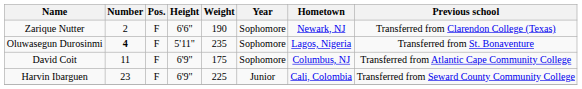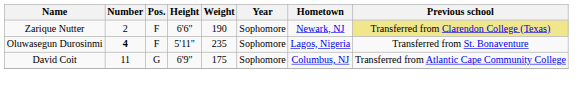 <table class="wikitable sortable" style="text-align: center">
 <tr align=center>
 <th style="background:#">Name</th>
 <th style="background:#">Number</th>
 <th style="background:#">Pos.</th>
 <th style="background:#">Height</th>
 <th style="background:#">Weight</th>
 <th style="background:#">Year</th>
 <th style="background:#">Hometown</th>
 <th style="background:#">Previous school</th>
 </tr>
 <tr>
 <td>Zarique Nutter</td>
 <td>2</td>
 <td>F</td>
 <td>6'6"</td>
 <td>190</td>
 <td>Sophomore</td>
 <td><a href='#'>Newark, NJ</a></td>
-<td>Transferred from <a href='#'>Clarendon College (Texas)</a></td>
+<td style="background: khaki;">Transferred from <a href='#'>Clarendon College (Texas)</a></td>
 </tr>
 <tr>
 <td>Oluwasegun Durosinmi</td>
 <td><strong>4</strong></td>
 <td>F</td>
 <td>5'11"</td>
 <td>235</td>
 <td>Sophomore</td>
 <td><a href='#'>Lagos, Nigeria</a></td>
 <td>Transferred from <a href='#'>St. Bonaventure</a></td>
 </tr>
 <tr>
 <td>David Coit</td>
 <td>11</td>
-<td>F</td>
+<td>G</td>
 <td>6'9"</td>
 <td>175</td>
 <td>Sophomore</td>
 <td><a href='#'>Columbus, NJ</a></td>
 <td>Transferred from <a href='#'>Atlantic Cape Community College</a></td>
 </tr>
 <tr>
-<td>Harvin Ibarguen</td>
-<td>23</td>
-<td>F</td>
-<td>6'9"</td>
-<td>225</td>
-<td>Junior</td>
-<td><a href='#'>Cali, Colombia</a></td>
-<td>Transferred from <a href='#'>Seward County Community College</a></td>
-</tr>
-<tr>
 </tr>
 </table>
